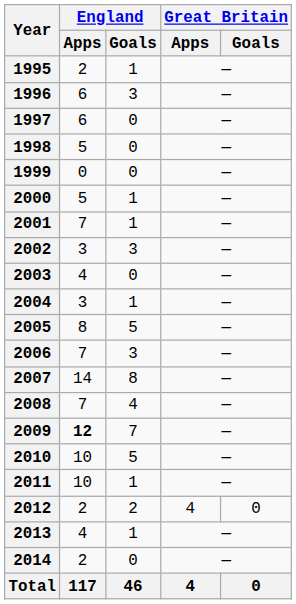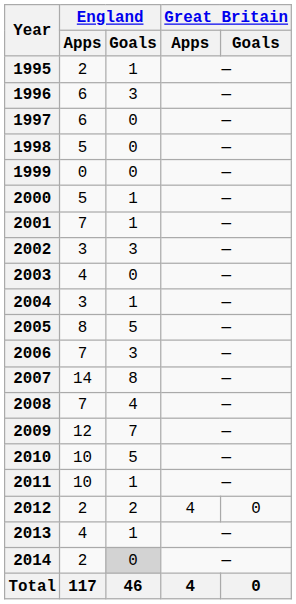 <table class="wikitable" style="text-align:center">
 <tr>
 <th scope=col rowspan="2">Year</th>
 <th scope="colgroup" colspan="2"><a href='#'>England</a></th>
 <th scope="colgroup" colspan="2"><a href='#'>Great Britain</a></th>
 </tr>
 <tr>
 <th scope=col>Apps</th>
 <th scope=col>Goals</th>
 <th scope=col>Apps</th>
 <th scope=col>Goals</th>
 </tr>
 <tr>
 <th scope="row">1995</th>
 <td>2</td>
 <td>1</td>
 <td colspan="2">—</td>
 </tr>
 <tr>
 <th scope="row">1996</th>
 <td>6</td>
 <td>3</td>
 <td colspan="2">—</td>
 </tr>
 <tr>
 <th scope="row">1997</th>
 <td>6</td>
 <td>0</td>
 <td colspan="2">—</td>
 </tr>
 <tr>
 <th scope="row">1998</th>
 <td>5</td>
 <td>0</td>
 <td colspan="2">—</td>
 </tr>
 <tr>
 <th scope="row">1999</th>
 <td>0</td>
 <td>0</td>
 <td colspan="2">—</td>
 </tr>
 <tr>
 <th scope="row">2000</th>
 <td>5</td>
 <td>1</td>
 <td colspan="2">—</td>
 </tr>
 <tr>
 <th scope="row">2001</th>
 <td>7</td>
 <td>1</td>
 <td colspan="2">—</td>
 </tr>
 <tr>
 <th scope="row">2002</th>
 <td>3</td>
 <td>3</td>
 <td colspan="2">—</td>
 </tr>
 <tr>
 <th scope="row">2003</th>
 <td>4</td>
 <td>0</td>
 <td colspan="2">—</td>
 </tr>
 <tr>
 <th scope="row">2004</th>
 <td>3</td>
 <td>1</td>
 <td colspan="2">—</td>
 </tr>
 <tr>
 <th scope="row">2005</th>
 <td>8</td>
 <td>5</td>
 <td colspan="2">—</td>
 </tr>
 <tr>
 <th scope="row">2006</th>
 <td>7</td>
 <td>3</td>
 <td colspan="2">—</td>
 </tr>
 <tr>
 <th scope="row">2007</th>
 <td>14</td>
 <td>8</td>
 <td colspan="2">—</td>
 </tr>
 <tr>
 <th scope="row">2008</th>
 <td>7</td>
 <td>4</td>
 <td colspan="2">—</td>
 </tr>
 <tr>
 <th scope="row">2009</th>
-<td><strong>12</strong></td>
+<td>12</td>
 <td>7</td>
 <td colspan="2">—</td>
 </tr>
 <tr>
 <th scope="row">2010</th>
 <td>10</td>
 <td>5</td>
 <td colspan="2">—</td>
 </tr>
 <tr>
 <th scope="row">2011</th>
 <td>10</td>
 <td>1</td>
 <td colspan="2">—</td>
 </tr>
 <tr>
 <th scope="row">2012</th>
 <td>2</td>
 <td>2</td>
 <td>4</td>
 <td>0</td>
 </tr>
 <tr>
 <th scope="row">2013</th>
 <td>4</td>
 <td>1</td>
 <td colspan="2">—</td>
 </tr>
 <tr>
 <th scope="row">2014</th>
 <td>2</td>
-<td>0</td>
+<td style="background: lightgrey;">0</td>
 <td colspan="2">—</td>
 </tr>
 <tr>
 <th scope="row">Total</th>
 <th>117</th>
 <th>46</th>
 <th>4</th>
 <th>0</th>
 </tr>
 </table>
